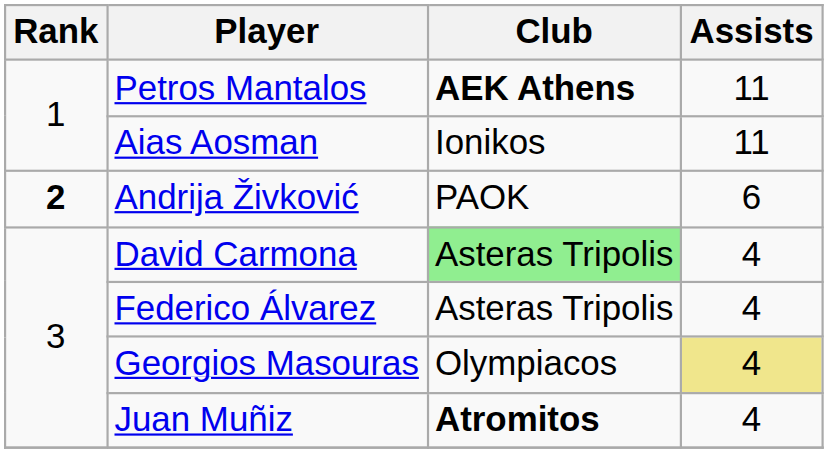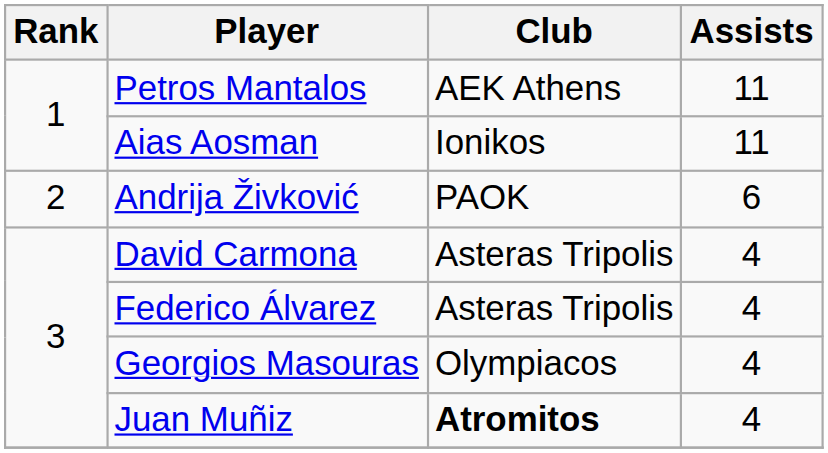 <table class="wikitable sortable" style="text-align:center">
 <tr>
 <th>Rank</th>
 <th>Player</th>
 <th>Club</th>
 <th>Assists</th>
 </tr>
 <tr>
 <td rowspan=2>1</td>
 <td align="left"> <a href='#'>Petros Mantalos</a></td>
-<td align="left"><strong>AEK Athens</strong></td>
+<td align="left">AEK Athens</td>
 <td>11</td>
 </tr>
 <tr>
 <td align="left"> <a href='#'>Aias Aosman</a></td>
 <td align="left">Ionikos</td>
 <td>11</td>
 </tr>
 <tr>
-<td><strong>2</strong></td>
+<td>2</td>
 <td align="left"> <a href='#'>Andrija Živković</a></td>
 <td align="left">PAOK</td>
 <td>6</td>
 </tr>
 <tr>
 <td rowspan=4>3</td>
 <td align="left"> <a href='#'>David Carmona</a></td>
-<td align="left" style="background: lightgreen;">Asteras Tripolis</td>
+<td align="left">Asteras Tripolis</td>
 <td>4</td>
 </tr>
 <tr>
 <td align="left"> <a href='#'>Federico Álvarez</a></td>
 <td align="left">Asteras Tripolis</td>
 <td>4</td>
 </tr>
 <tr>
 <td align="left"> <a href='#'>Georgios Masouras</a></td>
 <td align="left">Olympiacos</td>
-<td style="background: khaki;">4</td>
+<td>4</td>
 </tr>
 <tr>
 <td align="left"> <a href='#'>Juan Muñiz</a></td>
 <td align="left"><strong>Atromitos</strong></td>
 <td>4</td>
 </tr>
 <tr>
 </tr>
 </table>
